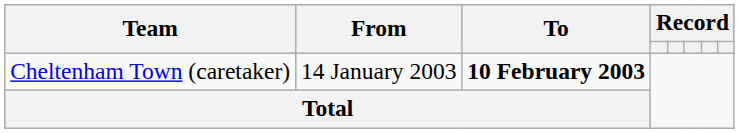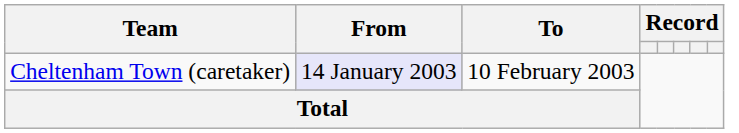 <table class=wikitable style="text-align: center">
 <tr>
 <th rowspan=2>Team</th>
 <th rowspan=2>From</th>
 <th rowspan=2>To</th>
 <th colspan=5>Record</th>
 </tr>
 <tr>
 <th></th>
 <th></th>
 <th></th>
 <th></th>
 <th></th>
 </tr>
 <tr>
 <td align=left><a href='#'>Cheltenham Town</a> (caretaker)</td>
-<td align=left>14 January 2003</td>
-<td align=left><strong>10 February 2003<br></strong></td>
+<td align=left style="background: lavender;">14 January 2003</td>
+<td align=left>10 February 2003<br></td>
 </tr>
 <tr>
 <th colspan=3>Total<br></th>
 </tr>
 </table>
